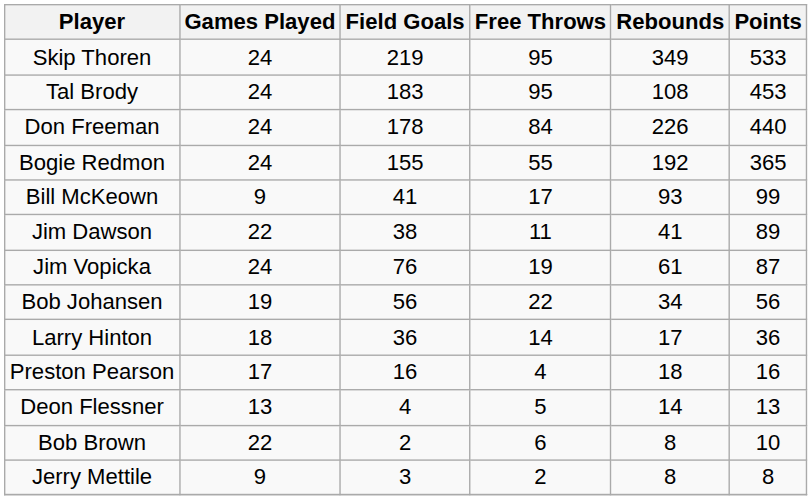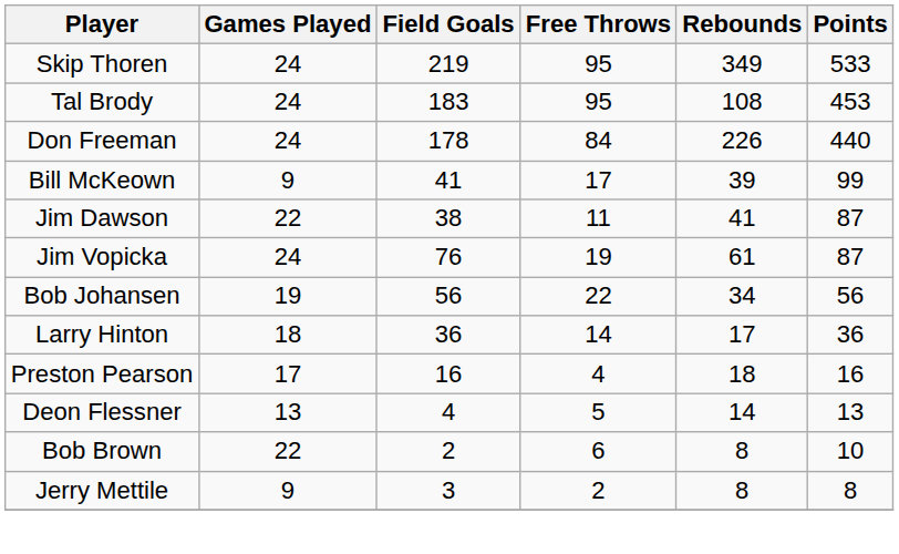 <table class="wikitable sortable">
 <tr>
 <th>Player</th>
 <th>Games Played</th>
 <th>Field Goals</th>
 <th>Free Throws</th>
 <th>Rebounds</th>
 <th>Points</th>
 </tr>
 <tr align="center" bgcolor="">
 <td>Skip Thoren</td>
 <td>24</td>
 <td>219</td>
 <td>95</td>
 <td>349</td>
 <td>533</td>
 </tr>
 <tr align="center" bgcolor="">
 <td>Tal Brody</td>
 <td>24</td>
 <td>183</td>
 <td>95</td>
 <td>108</td>
 <td>453</td>
 </tr>
 <tr align="center" bgcolor="">
 <td>Don Freeman</td>
 <td>24</td>
 <td>178</td>
 <td>84</td>
 <td>226</td>
 <td>440</td>
 </tr>
 <tr align="center" bgcolor="">
-<td>Bogie Redmon</td>
-<td>24</td>
-<td>155</td>
-<td>55</td>
-<td>192</td>
-<td>365</td>
-</tr>
-<tr align="center" bgcolor="">
 <td>Bill McKeown</td>
 <td>9</td>
 <td>41</td>
 <td>17</td>
-<td>93</td>
+<td>39</td>
 <td>99</td>
 </tr>
 <tr align="center" bgcolor="">
 <td>Jim Dawson</td>
 <td>22</td>
 <td>38</td>
 <td>11</td>
 <td>41</td>
-<td>89</td>
+<td>87</td>
 </tr>
 <tr align="center" bgcolor="">
 <td>Jim Vopicka</td>
 <td>24</td>
 <td>76</td>
 <td>19</td>
 <td>61</td>
 <td>87</td>
 </tr>
 <tr align="center" bgcolor="">
 <td>Bob Johansen</td>
 <td>19</td>
 <td>56</td>
 <td>22</td>
 <td>34</td>
 <td>56</td>
 </tr>
 <tr align="center" bgcolor="">
 <td>Larry Hinton</td>
 <td>18</td>
 <td>36</td>
 <td>14</td>
 <td>17</td>
 <td>36</td>
 </tr>
 <tr align="center" bgcolor="">
 <td>Preston Pearson</td>
 <td>17</td>
 <td>16</td>
 <td>4</td>
 <td>18</td>
 <td>16</td>
 </tr>
 <tr align="center" bgcolor="">
 <td>Deon Flessner</td>
 <td>13</td>
 <td>4</td>
 <td>5</td>
 <td>14</td>
 <td>13</td>
 </tr>
 <tr align="center" bgcolor="">
 <td>Bob Brown</td>
 <td>22</td>
 <td>2</td>
 <td>6</td>
 <td>8</td>
 <td>10</td>
 </tr>
 <tr align="center" bgcolor="">
 <td>Jerry Mettile</td>
 <td>9</td>
 <td>3</td>
 <td>2</td>
 <td>8</td>
 <td>8</td>
 </tr>
 <tr align="center" bgcolor="">
 </tr>
 </table>
